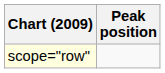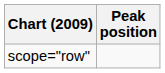 <table class="wikitable">
 <tr>
 <th>Chart (2009)</th>
 <th>Peak<br>position</th>
 </tr>
 <tr>
-<td style="background: lightyellow;">scope="row"</td>
+<td>scope="row"</td>
 </tr>
 </table>
